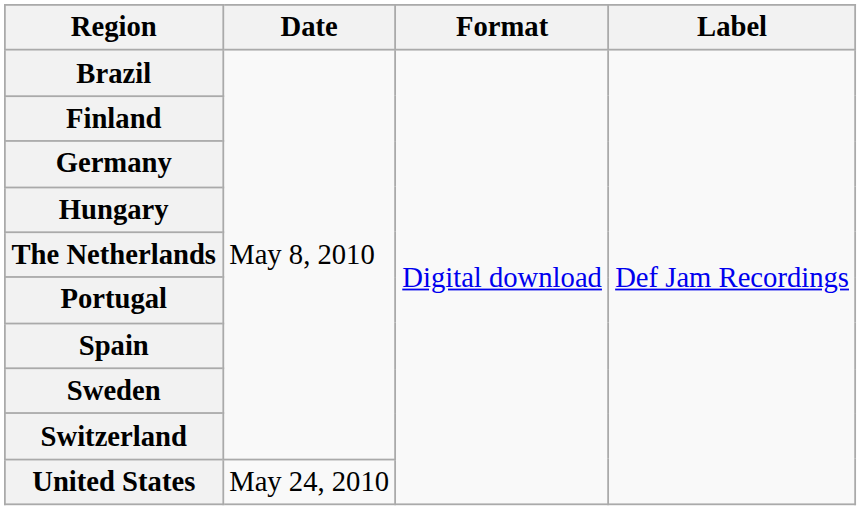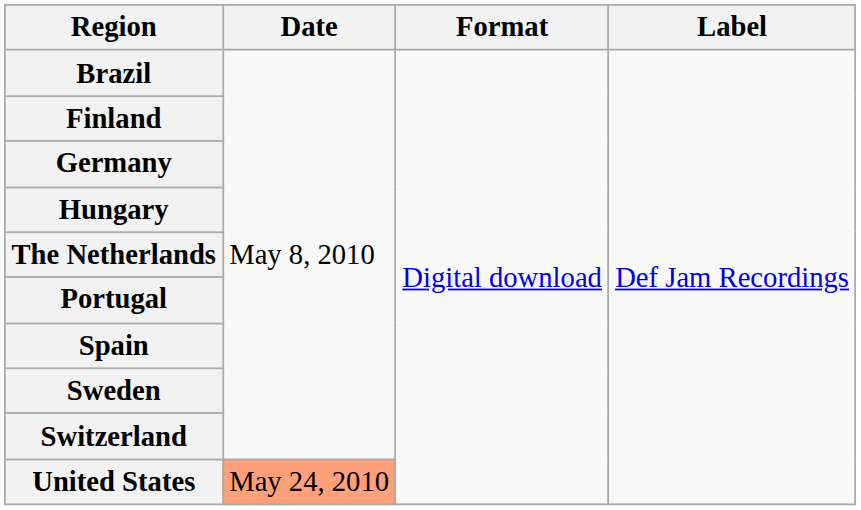 <table class="wikitable plainrowheaders">
 <tr>
 <th scope="col">Region</th>
 <th scope="col">Date</th>
 <th scope="col">Format</th>
 <th scope="col">Label</th>
 </tr>
 <tr>
 <th scope="row">Brazil</th>
 <td rowspan="9">May 8, 2010</td>
 <td rowspan="10"><a href='#'>Digital download</a></td>
 <td rowspan="10"><a href='#'>Def Jam Recordings</a></td>
 </tr>
 <tr>
 <th scope="row">Finland</th>
 </tr>
 <tr>
 <th scope="row">Germany</th>
 </tr>
 <tr>
 <th scope="row">Hungary</th>
 </tr>
 <tr>
 <th scope="row">The Netherlands</th>
 </tr>
 <tr>
 <th scope="row">Portugal</th>
 </tr>
 <tr>
 <th scope="row">Spain</th>
 </tr>
 <tr>
 <th scope="row">Sweden</th>
 </tr>
 <tr>
 <th scope="row">Switzerland</th>
 </tr>
 <tr>
 <th scope="row">United States</th>
-<td>May 24, 2010</td>
+<td style="background: lightsalmon;">May 24, 2010</td>
 </tr>
 </table>
